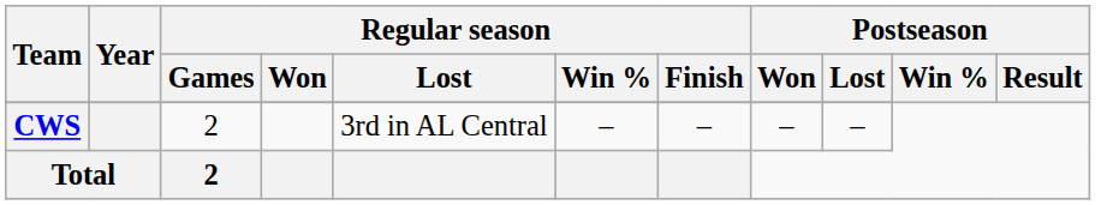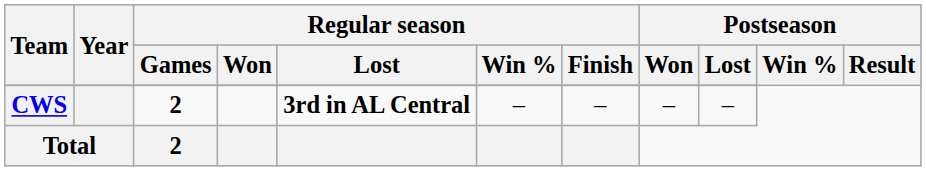 <table class="wikitable" style="font-size: 95%; text-align:center;">
 <tr>
 <th rowspan="2">Team</th>
 <th rowspan="2">Year</th>
 <th colspan="5">Regular season</th>
 <th colspan="4">Postseason</th>
 </tr>
 <tr>
 <th>Games</th>
 <th>Won</th>
 <th>Lost</th>
 <th>Win %</th>
 <th>Finish</th>
 <th>Won</th>
 <th>Lost</th>
 <th>Win %</th>
 <th>Result</th>
 </tr>
 <tr>
 </tr>
 <tr>
 <th><a href='#'>CWS</a></th>
 <th></th>
-<td>2</td>
+<td><strong>2</strong></td>
 <td></td>
-<td>3rd in AL Central</td>
+<td><strong>3rd in AL Central</strong></td>
 <td>–</td>
 <td>–</td>
 <td>–</td>
 <td>–</td>
 </tr>
 <tr>
 <th colspan="2">Total</th>
 <th>2</th>
 <th></th>
 <th></th>
 <th></th>
 <th></th>
 </tr>
 </table>
